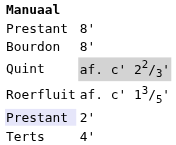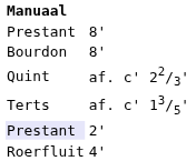 <table border="0">
 <tr>
 <td colspan=2><strong>Manuaal</strong><br></td>
 </tr>
 <tr>
 <td>Prestant</td>
 <td>8'</td>
 </tr>
 <tr>
 <td>Bourdon</td>
 <td>8'</td>
 </tr>
 <tr>
 <td>Quint</td>
-<td style="background: lightgrey;">af. c' 2<sup>2</sup>/<sub>3</sub>'</td>
+<td>af. c' 2<sup>2</sup>/<sub>3</sub>'</td>
 </tr>
 <tr>
-<td>Roerfluit</td>
+<td>Terts</td>
 <td>af. c' 1<sup>3</sup>/<sub>5</sub>'</td>
 </tr>
 <tr>
 <td style="background: lavender;">Prestant</td>
 <td>2'</td>
 </tr>
 <tr>
-<td>Terts</td>
+<td>Roerfluit</td>
 <td>4'</td>
 </tr>
 </table>
